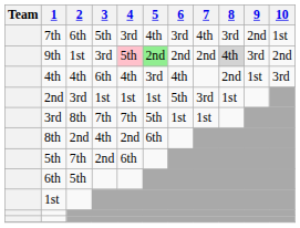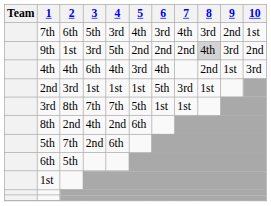 <table class="wikitable sortable" style="text-align:left;">
 <tr>
 <th scope="col" class="unsortable">Team</th>
 <th><a href='#'>1</a></th>
 <th><a href='#'>2</a></th>
 <th><a href='#'>3</a></th>
 <th><a href='#'>4</a></th>
 <th><a href='#'>5</a></th>
 <th><a href='#'>6</a></th>
 <th><a href='#'>7</a></th>
 <th><a href='#'>8</a></th>
 <th><a href='#'>9</a></th>
 <th><a href='#'>10</a></th>
 </tr>
 <tr>
 <th></th>
 <td>7th</td>
 <td>6th</td>
 <td>5th</td>
 <td>3rd</td>
 <td>4th</td>
 <td>3rd</td>
 <td>4th</td>
 <td>3rd</td>
 <td>2nd</td>
 <td>1st</td>
 </tr>
 <tr>
 <th></th>
 <td>9th</td>
 <td>1st</td>
 <td>3rd</td>
-<td style="background: pink;">5th</td>
-<td style="background: lightgreen;">2nd</td>
+<td>5th</td>
+<td>2nd</td>
 <td>2nd</td>
 <td>2nd</td>
 <td style="background: lightgrey;">4th</td>
 <td>3rd</td>
 <td>2nd</td>
 </tr>
 <tr>
 <th></th>
 <td>4th</td>
 <td>4th</td>
 <td>6th</td>
 <td>4th</td>
 <td>3rd</td>
 <td>4th</td>
 <td></td>
 <td>2nd</td>
 <td>1st</td>
 <td>3rd</td>
 </tr>
 <tr>
 <th></th>
 <td>2nd</td>
 <td>3rd</td>
 <td>1st</td>
 <td>1st</td>
 <td>1st</td>
 <td>5th</td>
 <td>3rd</td>
 <td>1st</td>
 <td></td>
 <td style="background:darkgrey;" colspan="1"></td>
 </tr>
 <tr>
 <th></th>
 <td>3rd</td>
 <td>8th</td>
 <td>7th</td>
 <td>7th</td>
 <td>5th</td>
 <td>1st</td>
 <td>1st</td>
 <td></td>
 <td style="background:darkgrey;" colspan="2"></td>
 </tr>
 <tr>
 <th></th>
 <td>8th</td>
 <td>2nd</td>
 <td>4th</td>
 <td>2nd</td>
 <td>6th</td>
 <td></td>
 <td style="background:darkgrey;" colspan="4"></td>
 </tr>
 <tr>
 <th></th>
 <td>5th</td>
 <td>7th</td>
 <td>2nd</td>
 <td>6th</td>
 <td></td>
 <td style="background:darkgrey;" colspan="5"></td>
 </tr>
 <tr>
 <th></th>
 <td>6th</td>
 <td>5th</td>
 <td></td>
 <td></td>
 <td style="background:darkgrey;" colspan="6"></td>
 </tr>
 <tr>
 <th></th>
 <td>1st</td>
 <td></td>
 <td style="background:darkgrey;" colspan="8"></td>
 </tr>
 <tr>
 <th></th>
 <td></td>
 <td style="background:darkgrey;" colspan="9"></td>
 </tr>
 <tr>
 <th></th>
 <td></td>
 <td style="background:darkgrey;" colspan="9"></td>
 </tr>
 <tr>
 </tr>
 </table>
